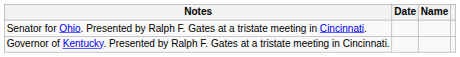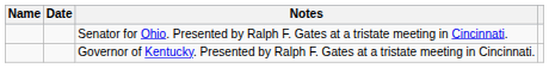 <table class="wikitable sortable plainheaders">
 <tr style="background:#b0c4de; text-align:center;">
+<th scope="col">Name</th>
+<th scope="col">Date</th>
 <th scope="col" class="unsortable">Notes</th>
-<th scope="col">Date</th>
-<th scope="col">Name</th>
 <th scope="col" class="unsortable"></th>
 </tr>
 <tr>
-<td>Senator for <a href='#'>Ohio</a>. Presented by Ralph F. Gates at a tristate meeting in <a href='#'>Cincinnati</a>.</td>
 <td></td>
 <td></td>
+<td>Senator for <a href='#'>Ohio</a>. Presented by Ralph F. Gates at a tristate meeting in <a href='#'>Cincinnati</a>.</td>
 <td style="text-align:center;"></td>
 </tr>
 <tr>
-<td>Governor of <a href='#'>Kentucky</a>. Presented by Ralph F. Gates at a tristate meeting in Cincinnati.</td>
 <td></td>
 <td></td>
+<td>Governor of <a href='#'>Kentucky</a>. Presented by Ralph F. Gates at a tristate meeting in Cincinnati.</td>
 <td style="text-align:center;"></td>
 </tr>
 </table>
